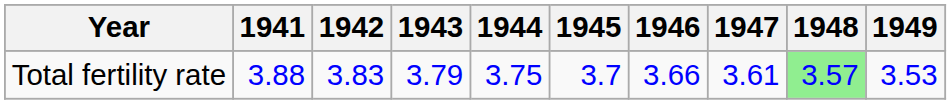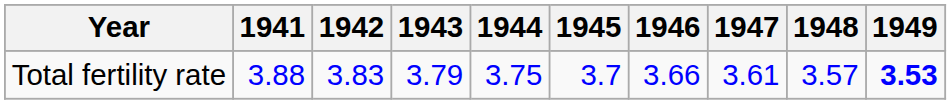 <table class="wikitable " style="text-align:right">
 <tr>
 <th>Year</th>
 <th>1941</th>
 <th>1942</th>
 <th>1943</th>
 <th>1944</th>
 <th>1945</th>
 <th>1946</th>
 <th>1947</th>
 <th>1948</th>
 <th>1949</th>
 </tr>
 <tr>
 <td align="left">Total fertility rate</td>
 <td style="text-align:right; color:blue;">3.88</td>
 <td style="text-align:right; color:blue;">3.83</td>
 <td style="text-align:right; color:blue;">3.79</td>
 <td style="text-align:right; color:blue;">3.75</td>
 <td style="text-align:right; color:blue;">3.7</td>
 <td style="text-align:right; color:blue;">3.66</td>
 <td style="text-align:right; color:blue;">3.61</td>
-<td style="background: lightgreen; text-align:right; color:blue;">3.57</td>
-<td style="text-align:right; color:blue;">3.53</td>
+<td style="text-align:right; color:blue;">3.57</td>
+<td style="text-align:right; color:blue;"><strong>3.53</strong></td>
 </tr>
 </table>
